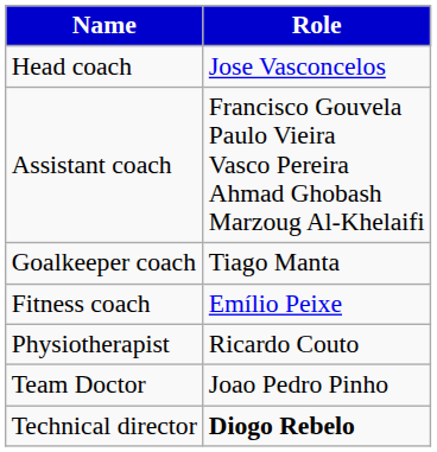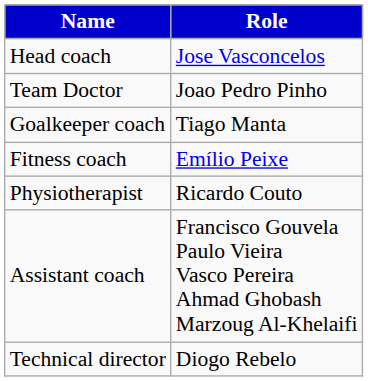 <table class="wikitable">
 <tr>
 <th style="width=30; background:#0000CD; color: #FFFFFF;">Name</th>
 <th style="width=30; background:#0000CD; color: #FFFFFF;">Role</th>
 </tr>
 <tr>
 <td>Head coach</td>
 <td>  <a href='#'>Jose Vasconcelos</a></td>
 </tr>
 <tr>
-<td>Assistant coach</td>
-<td>  Francisco Gouvela <br>  Paulo Vieira <br>   Vasco Pereira <br>  Ahmad Ghobash <br>  Marzoug Al-Khelaifi</td>
+<td>Team Doctor</td>
+<td> Joao Pedro Pinho</td>
 </tr>
 <tr>
 <td>Goalkeeper coach</td>
 <td>  Tiago Manta</td>
 </tr>
 <tr>
 <td>Fitness coach</td>
 <td> <a href='#'>Emílio Peixe</a></td>
 </tr>
 <tr>
 <td>Physiotherapist</td>
 <td> Ricardo Couto</td>
 </tr>
 <tr>
-<td>Team Doctor</td>
-<td> Joao Pedro Pinho</td>
+<td>Assistant coach</td>
+<td>  Francisco Gouvela <br>  Paulo Vieira <br>   Vasco Pereira <br>  Ahmad Ghobash <br>  Marzoug Al-Khelaifi</td>
 </tr>
 <tr>
 <td>Technical director</td>
-<td><strong> Diogo Rebelo</strong></td>
+<td> Diogo Rebelo</td>
 </tr>
 </table>
